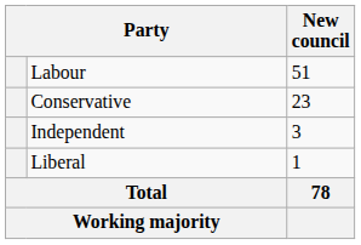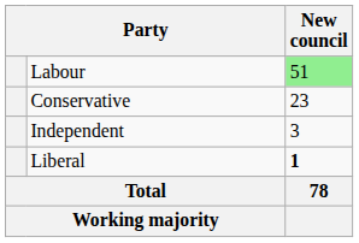 <table class="wikitable">
 <tr>
 <th valign=centre colspan="2" style="width: 230px">Party</th>
 <th valign=top style="width: 30px">New council</th>
 </tr>
 <tr>
 <th style="background-color: "></th>
 <td>Labour</td>
-<td>51</td>
+<td style="background: lightgreen;">51</td>
 </tr>
 <tr>
 <th style="background-color: "></th>
 <td>Conservative</td>
 <td>23</td>
 </tr>
 <tr>
 <th style="background-color: "></th>
 <td>Independent</td>
 <td>3</td>
 </tr>
 <tr>
 <th style="background-color: "></th>
 <td>Liberal</td>
-<td>1</td>
+<td><strong>1</strong></td>
 </tr>
 <tr>
 <th colspan="2">Total</th>
 <th style="text-align: center">78</th>
 </tr>
 <tr>
 <th colspan="2">Working majority</th>
 <th></th>
 </tr>
 </table>
